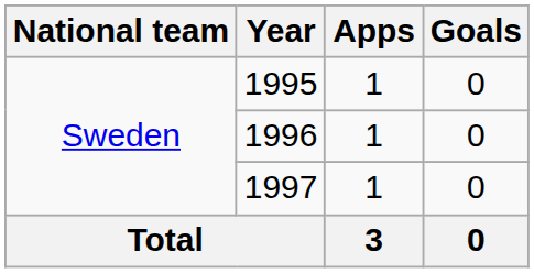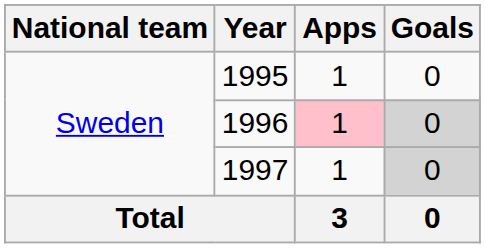 <table class="wikitable" style="text-align:center">
 <tr>
 <th>National team</th>
 <th>Year</th>
 <th>Apps</th>
 <th>Goals</th>
 </tr>
 <tr>
 <td rowspan="3"><a href='#'>Sweden</a></td>
 <td>1995</td>
 <td>1</td>
 <td>0</td>
 </tr>
 <tr>
 <td>1996</td>
-<td>1</td>
-<td>0</td>
+<td style="background: pink;">1</td>
+<td style="background: lightgrey;">0</td>
 </tr>
 <tr>
 <td>1997</td>
 <td>1</td>
-<td>0</td>
+<td style="background: lightgrey;">0</td>
 </tr>
 <tr>
 <th colspan="2">Total</th>
 <th>3</th>
 <th>0</th>
 </tr>
 </table>
